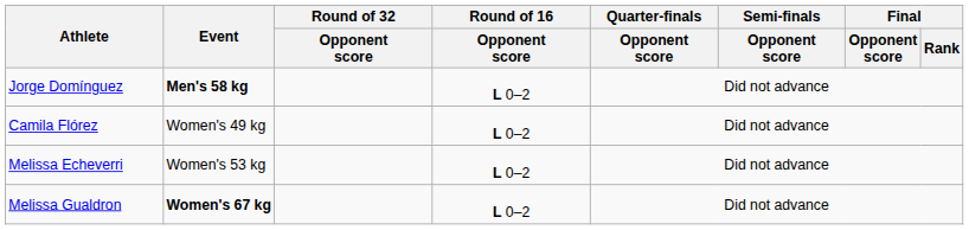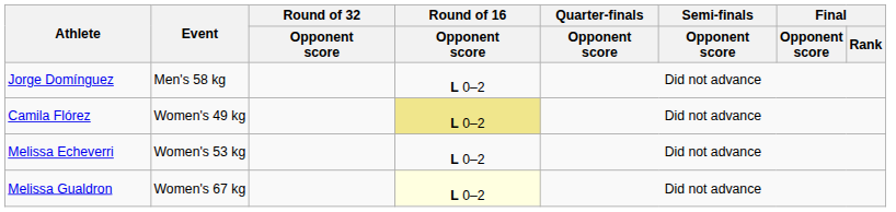 <table class="wikitable" style="font-size:90%; text-align:center">
 <tr>
 <th rowspan="2" width="150">Athlete</th>
 <th rowspan="2">Event</th>
 <th width="150">Round of 32</th>
 <th width="150">Round of 16</th>
 <th width="120">Quarter-finals</th>
 <th width="120">Semi-finals</th>
 <th colspan="2" width="100">Final</th>
 </tr>
 <tr>
 <th>Opponent<br>score</th>
 <th>Opponent<br>score</th>
 <th>Opponent<br>score</th>
 <th>Opponent<br>score</th>
 <th>Opponent<br>score</th>
 <th>Rank</th>
 </tr>
 <tr>
 <td align="left"><a href='#'>Jorge Domínguez</a></td>
-<td align="left"><strong>Men's 58 kg</strong></td>
+<td align="left">Men's 58 kg</td>
 <td></td>
 <td><br><strong>L</strong> 0–2</td>
 <td colspan="4">Did not advance</td>
 </tr>
 <tr>
 <td align="left"><a href='#'>Camila Flórez</a></td>
 <td align="left">Women's 49 kg</td>
 <td></td>
-<td><br><strong>L</strong> 0–2</td>
+<td style="background: khaki;"><br><strong>L</strong> 0–2</td>
 <td colspan="4">Did not advance</td>
 </tr>
 <tr>
 <td align="left"><a href='#'>Melissa Echeverri</a></td>
 <td align="left">Women's 53 kg</td>
 <td></td>
 <td><br><strong>L</strong> 0–2</td>
 <td colspan="4">Did not advance</td>
 </tr>
 <tr>
 <td align="left"><a href='#'>Melissa Gualdron</a></td>
-<td align="left"><strong>Women's 67 kg</strong></td>
+<td align="left">Women's 67 kg</td>
 <td></td>
-<td><br><strong>L</strong> 0–2</td>
+<td style="background: lightyellow;"><br><strong>L</strong> 0–2</td>
 <td colspan="4">Did not advance</td>
 </tr>
 </table>
